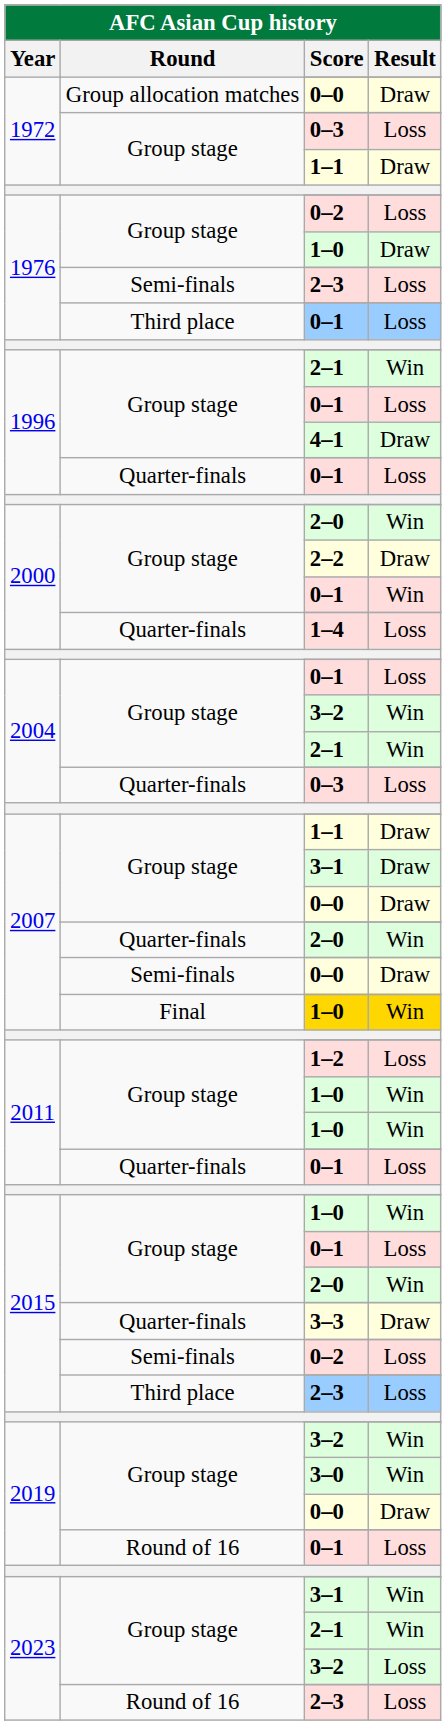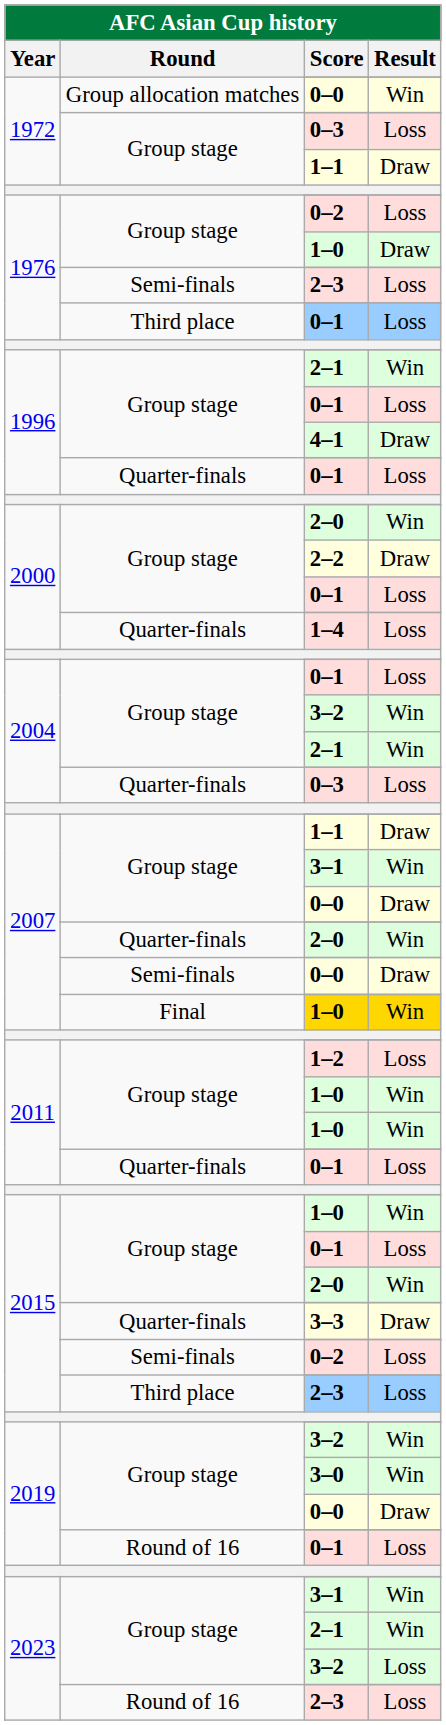 <table class="wikitable sortable mw-collapsible mw-collapsed"  style="text-align:center;">
 <tr>
 <th colspan=4 style="background: #007A3D; color: #FFFFFF;">AFC Asian Cup history</th>
 </tr>
 <tr>
 <th>Year</th>
 <th>Round</th>
 <th>Score</th>
 <th>Result</th>
 </tr>
 <tr>
 <td rowspan=5><a href='#'>1972</a></td>
 <td rowspan=2>Group allocation matches</td>
 </tr>
 <tr bgcolor=#ffffdd>
 <td align="left"> <strong>0–0  </strong> </td>
-<td>Draw</td>
+<td>Win</td>
 </tr>
 <tr>
 <td rowspan=3>Group stage</td>
 </tr>
 <tr bgcolor=#ffdddd>
 <td align="left"> <strong>0–3</strong> </td>
 <td>Loss</td>
 </tr>
 <tr bgcolor=#ffffdd>
 <td align="left"> <strong>1–1</strong> </td>
 <td>Draw</td>
 </tr>
 <tr>
 <th colspan="4"></th>
 </tr>
 <tr>
 <td rowspan=7><a href='#'>1976</a></td>
 <td rowspan=3>Group stage</td>
 </tr>
 <tr bgcolor=#ffdddd>
 <td align="left"> <strong>0–2</strong> </td>
 <td>Loss</td>
 </tr>
 <tr bgcolor=#ddffdd>
 <td align="left"> <strong>1–0</strong> </td>
 <td>Draw</td>
 </tr>
 <tr>
 <td rowspan=2>Semi-finals</td>
 </tr>
 <tr bgcolor=#ffdddd>
 <td align="left"> <strong>2–3 </strong> </td>
 <td>Loss</td>
 </tr>
 <tr>
 <td rowspan=2>Third place</td>
 </tr>
 <tr style="background:#9ACDFF;">
 <td align="left"> <strong>0–1</strong> </td>
 <td>Loss</td>
 </tr>
 <tr>
 <th colspan="4"></th>
 </tr>
 <tr>
 <td rowspan=6><a href='#'>1996</a></td>
 <td rowspan=4>Group stage</td>
 </tr>
 <tr bgcolor=#ddffdd>
 <td align="left"> <strong>2–1</strong> </td>
 <td>Win</td>
 </tr>
 <tr bgcolor=#ffdddd>
 <td align="left"> <strong>0–1</strong> </td>
 <td>Loss</td>
 </tr>
 <tr bgcolor=#ddffdd>
 <td align="left"> <strong>4–1</strong> </td>
 <td>Draw</td>
 </tr>
 <tr>
 <td rowspan=2>Quarter-finals</td>
 </tr>
 <tr bgcolor=#ffdddd>
 <td align="left"> <strong>0–1 </strong> </td>
 <td>Loss</td>
 </tr>
 <tr>
 <th colspan="4"></th>
 </tr>
 <tr>
 <td rowspan=6><a href='#'>2000</a></td>
 <td rowspan=4>Group stage</td>
 </tr>
 <tr bgcolor=#ddffdd>
 <td align="left"> <strong>2–0</strong> </td>
 <td>Win</td>
 </tr>
 <tr bgcolor=#ffffdd>
 <td align="left"> <strong>2–2</strong> </td>
 <td>Draw</td>
 </tr>
 <tr bgcolor=#ffdddd>
 <td align="left"> <strong>0–1</strong> </td>
-<td>Win</td>
+<td>Loss</td>
 </tr>
 <tr>
 <td rowspan=2>Quarter-finals</td>
 </tr>
 <tr bgcolor=#ffdddd>
 <td align="left"> <strong>1–4</strong> </td>
 <td>Loss</td>
 </tr>
 <tr>
 <th colspan="4"></th>
 </tr>
 <tr>
 <td rowspan=6><a href='#'>2004</a></td>
 <td rowspan=4>Group stage</td>
 </tr>
 <tr bgcolor=#ffdddd>
 <td align="left"> <strong>0–1</strong> </td>
 <td>Loss</td>
 </tr>
 <tr bgcolor=#ddffdd>
 <td align="left"> <strong>3–2</strong> </td>
 <td>Win</td>
 </tr>
 <tr bgcolor=#ddffdd>
 <td align="left"> <strong>2–1</strong> </td>
 <td>Win</td>
 </tr>
 <tr>
 <td rowspan=2>Quarter-finals</td>
 </tr>
 <tr bgcolor=#ffdddd>
 <td align="left"> <strong>0–3</strong> </td>
 <td>Loss</td>
 </tr>
 <tr>
 <th colspan="4"></th>
 </tr>
 <tr>
 <td rowspan=10><a href='#'>2007</a></td>
 <td rowspan=4>Group stage</td>
 </tr>
 <tr bgcolor=#ffffdd>
 <td align="left"> <strong>1–1</strong> </td>
 <td>Draw</td>
 </tr>
 <tr bgcolor=#ddffdd>
 <td align="left"> <strong>3–1</strong> </td>
-<td>Draw</td>
+<td>Win</td>
 </tr>
 <tr bgcolor=#ffffdd>
 <td align="left"> <strong>0–0</strong> </td>
 <td>Draw</td>
 </tr>
 <tr>
 <td rowspan=2>Quarter-finals</td>
 </tr>
 <tr bgcolor=#ddffdd>
 <td align="left"> <strong>2–0</strong> </td>
 <td>Win</td>
 </tr>
 <tr>
 <td rowspan=2>Semi-finals</td>
 </tr>
 <tr bgcolor=#ffffdd>
 <td align="left"> <strong>0–0  </strong> </td>
 <td>Draw</td>
 </tr>
 <tr>
 <td rowspan=2>Final</td>
 </tr>
 <tr style="background:gold;">
 <td align="left"> <strong>1–0</strong> </td>
 <td>Win</td>
 </tr>
 <tr>
 <th colspan="4"></th>
 </tr>
 <tr>
 <td rowspan=6><a href='#'>2011</a></td>
 <td rowspan=4>Group stage</td>
 </tr>
 <tr bgcolor=#ffdddd>
 <td align="left"> <strong>1–2</strong> </td>
 <td>Loss</td>
 </tr>
 <tr bgcolor=#ddffdd>
 <td align="left"> <strong>1–0</strong> </td>
 <td>Win</td>
 </tr>
 <tr bgcolor=#ddffdd>
 <td align="left"> <strong>1–0</strong> </td>
 <td>Win</td>
 </tr>
 <tr>
 <td rowspan=2>Quarter-finals</td>
 </tr>
 <tr bgcolor=#ffdddd>
 <td align="left"> <strong>0–1 </strong> </td>
 <td>Loss</td>
 </tr>
 <tr>
 <th colspan="4"></th>
 </tr>
 <tr>
 <td rowspan=10><a href='#'>2015</a></td>
 <td rowspan=4>Group stage</td>
 </tr>
 <tr bgcolor=#ddffdd>
 <td align="left"> <strong>1–0</strong> </td>
 <td>Win</td>
 </tr>
 <tr bgcolor=#ffdddd>
 <td align="left"> <strong>0–1</strong> </td>
 <td>Loss</td>
 </tr>
 <tr bgcolor=#ddffdd>
 <td align="left"> <strong>2–0</strong> </td>
 <td>Win</td>
 </tr>
 <tr>
 <td rowspan=2>Quarter-finals</td>
 </tr>
 <tr bgcolor=#ffffdd>
 <td align="left"> <strong>3–3  </strong> </td>
 <td>Draw</td>
 </tr>
 <tr>
 <td rowspan=2>Semi-finals</td>
 </tr>
 <tr bgcolor=#ffdddd>
 <td align="left"> <strong>0–2</strong> </td>
 <td>Loss</td>
 </tr>
 <tr>
 <td rowspan=2>Third place</td>
 </tr>
 <tr style="background:#9ACDFF;">
 <td align="left"> <strong>2–3</strong> </td>
 <td>Loss</td>
 </tr>
 <tr>
 <th colspan="4"></th>
 </tr>
 <tr>
 <td rowspan=6><a href='#'>2019</a></td>
 <td rowspan=4>Group stage</td>
 </tr>
 <tr bgcolor=#ddffdd>
 <td align="left"> <strong>3–2</strong> </td>
 <td>Win</td>
 </tr>
 <tr bgcolor=#ddffdd>
 <td align="left"> <strong>3–0</strong> </td>
 <td>Win</td>
 </tr>
 <tr bgcolor=#ffffdd>
 <td align="left"> <strong>0–0</strong> </td>
 <td>Draw</td>
 </tr>
 <tr>
 <td rowspan=2>Round of 16</td>
 </tr>
 <tr bgcolor=#ffdddd>
 <td align="left"> <strong>0–1</strong> </td>
 <td>Loss</td>
 </tr>
 <tr>
 <th colspan="4"></th>
 </tr>
 <tr>
 <td rowspan=6><a href='#'>2023</a></td>
 <td rowspan=4>Group stage</td>
 </tr>
 <tr bgcolor=#ddffdd>
 <td align="left"> <strong>3–1</strong> </td>
 <td>Win</td>
 </tr>
 <tr bgcolor=#ddffdd>
 <td align="left"> <strong>2–1</strong> </td>
 <td>Win</td>
 </tr>
 <tr bgcolor=#ddffdd>
 <td align="left"> <strong>3–2</strong> </td>
 <td>Loss</td>
 </tr>
 <tr>
 <td rowspan=2>Round of 16</td>
 </tr>
 <tr bgcolor=#ffdddd>
 <td align="left"> <strong>2–3</strong> </td>
 <td>Loss</td>
 </tr>
 </table>
